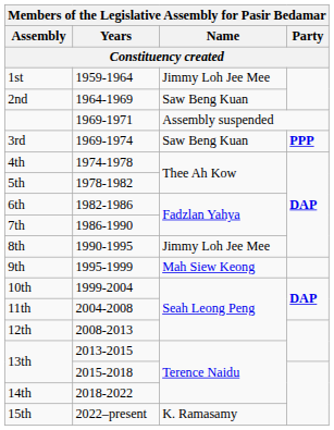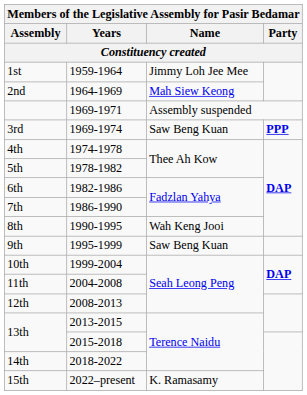 <table class="wikitable">
 <tr>
 <th colspan="4">Members of the Legislative Assembly for Pasir Bedamar</th>
 </tr>
 <tr>
 <th>Assembly</th>
 <th>Years</th>
 <th>Name</th>
 <th>Party</th>
 </tr>
 <tr>
 <th colspan="4"><em>Constituency created</em></th>
 </tr>
 <tr>
 <td>1st</td>
 <td>1959-1964</td>
 <td>Jimmy Loh Jee Mee</td>
 <td rowspan="2"></td>
 </tr>
 <tr>
 <td>2nd</td>
 <td>1964-1969</td>
-<td>Saw Beng Kuan</td>
+<td><a href='#'>Mah Siew Keong</a></td>
 </tr>
 <tr>
 <td></td>
 <td>1969-1971</td>
 <td colspan="2">Assembly suspended</td>
 </tr>
 <tr>
 <td>3rd</td>
 <td>1969-1974</td>
 <td>Saw Beng Kuan</td>
 <td><strong><a href='#'>PPP</a></strong></td>
 </tr>
 <tr>
 <td>4th</td>
 <td>1974-1978</td>
 <td rowspan="2">Thee Ah Kow</td>
 <td rowspan="5"><strong><a href='#'>DAP</a></strong></td>
 </tr>
 <tr>
 <td>5th</td>
 <td>1978-1982</td>
 </tr>
 <tr>
 <td>6th</td>
 <td>1982-1986</td>
 <td rowspan="2"><a href='#'>Fadzlan Yahya</a></td>
 </tr>
 <tr>
 <td>7th</td>
 <td>1986-1990</td>
 </tr>
 <tr>
 <td>8th</td>
 <td>1990-1995</td>
-<td>Jimmy Loh Jee Mee</td>
+<td>Wah Keng Jooi</td>
 </tr>
 <tr>
 <td>9th</td>
 <td>1995-1999</td>
-<td><a href='#'>Mah Siew Keong</a></td>
+<td>Saw Beng Kuan</td>
 <td></td>
 </tr>
 <tr>
 <td>10th</td>
 <td>1999-2004</td>
 <td rowspan="3"><a href='#'>Seah Leong Peng</a></td>
 <td rowspan="2"><strong><a href='#'>DAP</a></strong></td>
 </tr>
 <tr>
 <td>11th</td>
 <td>2004-2008</td>
 </tr>
 <tr>
 <td>12th</td>
 <td>2008-2013</td>
 <td rowspan=2></td>
 </tr>
 <tr>
 <td rowspan=2>13th</td>
 <td>2013-2015</td>
 <td rowspan=3><a href='#'>Terence Naidu</a></td>
 </tr>
 <tr>
 <td>2015-2018</td>
 <td rowspan=3></td>
 </tr>
 <tr>
 <td>14th</td>
 <td>2018-2022</td>
 </tr>
 <tr>
 <td>15th</td>
 <td>2022–present</td>
 <td>K. Ramasamy</td>
 </tr>
 </table>
